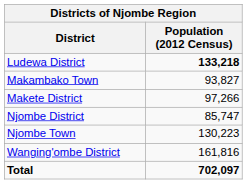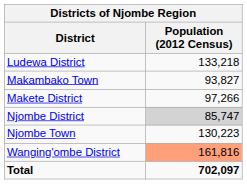 <table class="wikitable">
 <tr>
 <th colspan="5">Districts of Njombe Region</th>
 </tr>
 <tr style="text-align:center;">
 <th style="width: 12em">District</th>
 <th style="width: 8em">Population<br>(2012 Census)</th>
 </tr>
 <tr>
 <td><a href='#'>Ludewa District</a></td>
-<td style="text-align:right;"><strong>133,218</strong></td>
+<td style="text-align:right;">133,218</td>
 </tr>
 <tr>
 <td><a href='#'>Makambako Town</a></td>
 <td style="text-align:right;">93,827</td>
 </tr>
 <tr>
 <td><a href='#'>Makete District</a></td>
 <td style="text-align:right;">97,266</td>
 </tr>
 <tr>
 <td><a href='#'>Njombe District</a></td>
-<td style="text-align:right;">85,747</td>
+<td style="background: lightgrey; text-align:right;">85,747</td>
 </tr>
 <tr>
 <td><a href='#'>Njombe Town</a></td>
 <td style="text-align:right;">130,223</td>
 </tr>
 <tr>
 <td><a href='#'>Wanging'ombe District</a></td>
-<td style="text-align:right;">161,816</td>
+<td style="background: lightsalmon; text-align:right;">161,816</td>
 </tr>
 <tr>
 <td><strong>Total</strong></td>
 <td style="text-align:right;"><strong>702,097</strong></td>
 </tr>
 </table>
